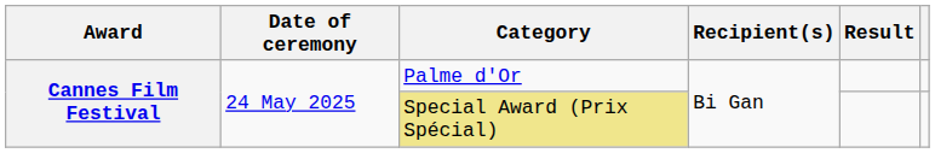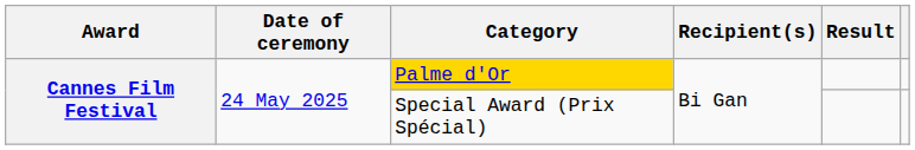 <table class="wikitable sortable plainrowheaders">
 <tr>
 <th scope="col">Award</th>
 <th scope="col">Date of ceremony</th>
 <th scope="col">Category</th>
 <th scope="col">Recipient(s)</th>
 <th scope="col">Result</th>
 <th scope="col" class="unsortable"></th>
 </tr>
 <tr>
 <th rowspan="2" scope="row"><a href='#'>Cannes Film Festival</a></th>
 <td rowspan="2"><a href='#'>24 May 2025</a></td>
-<td><a href='#'>Palme d'Or</a></td>
+<td style="background: gold;"><a href='#'>Palme d'Or</a></td>
 <td rowspan="2">Bi Gan</td>
 <td></td>
 <td align="center"></td>
 </tr>
 <tr>
-<td style="background: khaki;">Special Award (Prix Spécial)</td>
+<td>Special Award (Prix Spécial)</td>
 <td></td>
 <td align="center"></td>
 </tr>
 </table>
